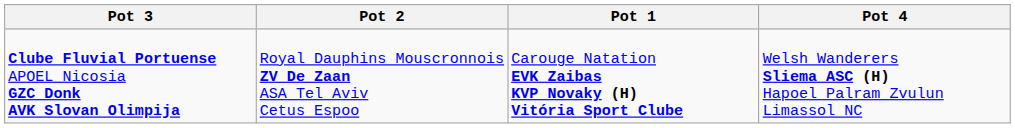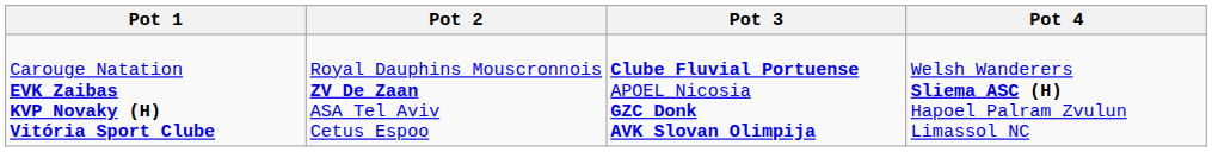 <table class="wikitable collapsible">
 <tr>
+<th width=25%>Pot 1</th>
+<th width=25%>Pot 2</th>
 <th width=25%>Pot 3</th>
-<th width=25%>Pot 2</th>
-<th width=25%>Pot 1</th>
 <th width=25%>Pot 4</th>
 </tr>
 <tr>
+<td><br> <a href='#'>Carouge Natation</a><br>  <strong><a href='#'>EVK Zaibas</a></strong><br>  <strong><a href='#'>KVP Novaky</a></strong> <strong>(H)</strong><br>  <strong><a href='#'>Vitória Sport Clube</a></strong></td>
+<td><br> <a href='#'>Royal Dauphins Mouscronnois</a><br>  <strong><a href='#'>ZV De Zaan</a></strong> <br>  <a href='#'>ASA Tel Aviv</a> <br>  <a href='#'>Cetus Espoo</a></td>
 <td><br> <strong><a href='#'>Clube Fluvial Portuense</a></strong><br>  <a href='#'>APOEL Nicosia</a><br>  <strong><a href='#'>GZC Donk</a></strong><br>  <strong><a href='#'>AVK Slovan Olimpija</a></strong></td>
-<td><br> <a href='#'>Royal Dauphins Mouscronnois</a><br>  <strong><a href='#'>ZV De Zaan</a></strong> <br>  <a href='#'>ASA Tel Aviv</a> <br>  <a href='#'>Cetus Espoo</a></td>
-<td><br> <a href='#'>Carouge Natation</a><br>  <strong><a href='#'>EVK Zaibas</a></strong><br>  <strong><a href='#'>KVP Novaky</a></strong> <strong>(H)</strong><br>  <strong><a href='#'>Vitória Sport Clube</a></strong></td>
 <td><br> <a href='#'>Welsh Wanderers</a><br>  <strong><a href='#'>Sliema ASC</a></strong> <strong>(H)</strong><br>  <a href='#'>Hapoel Palram Zvulun</a>  <br>  <a href='#'>Limassol NC</a></td>
 </tr>
 </table>
